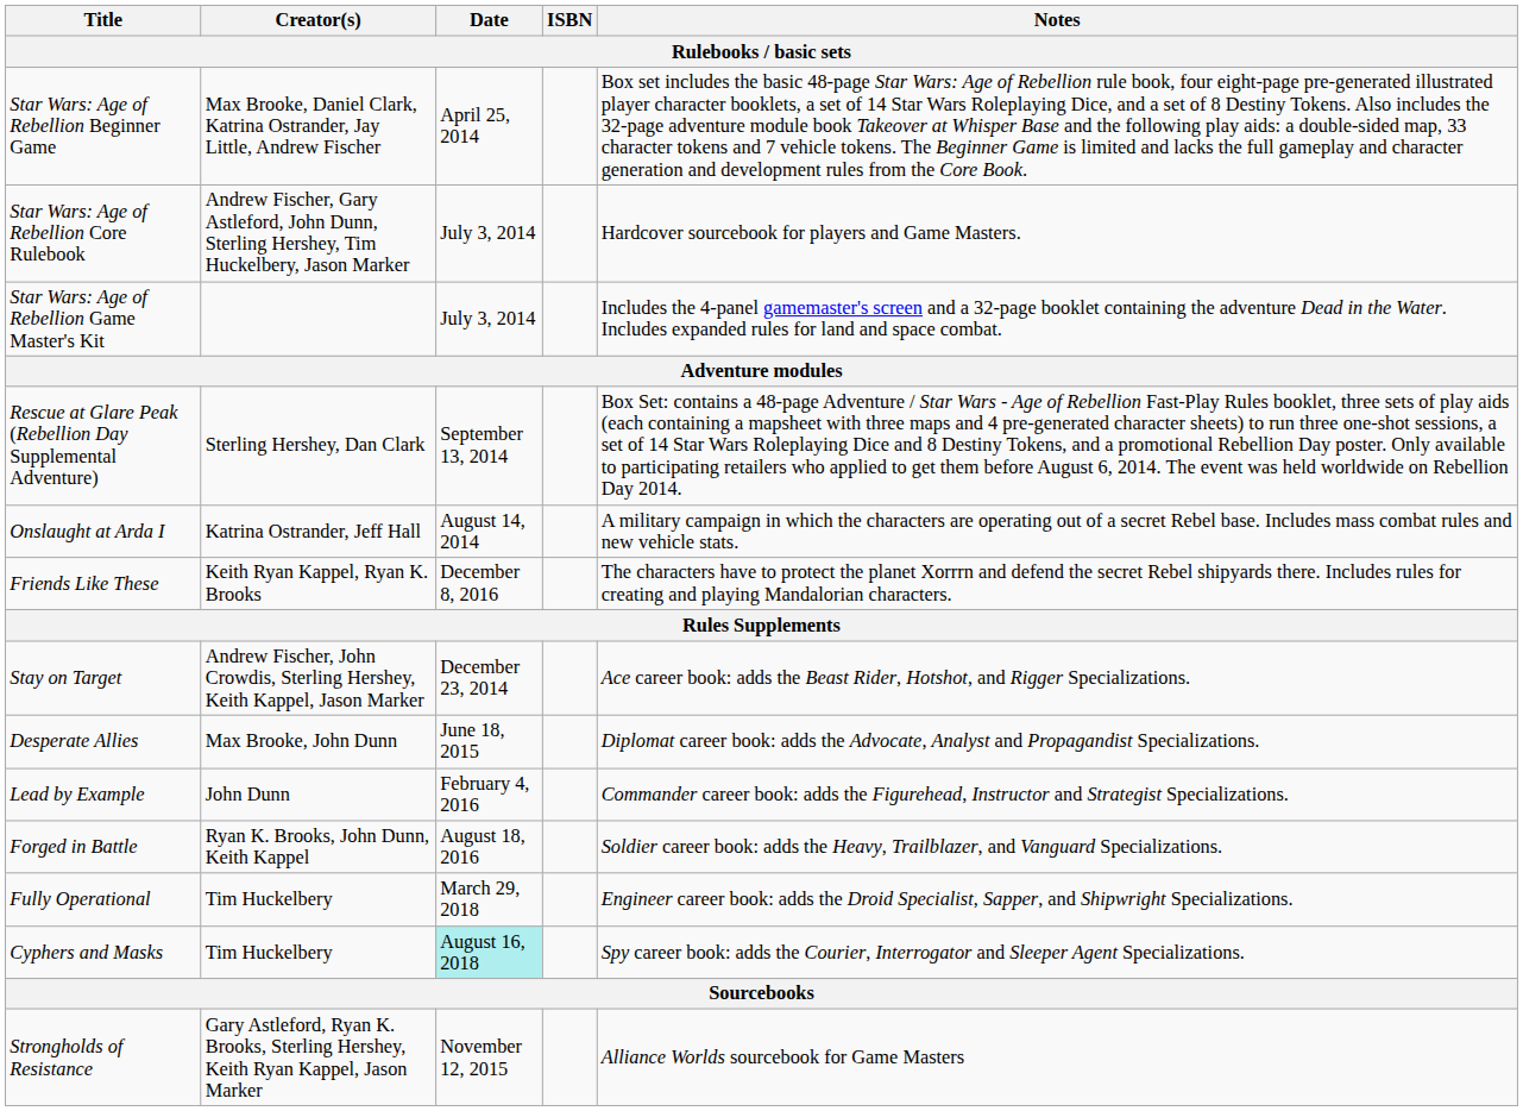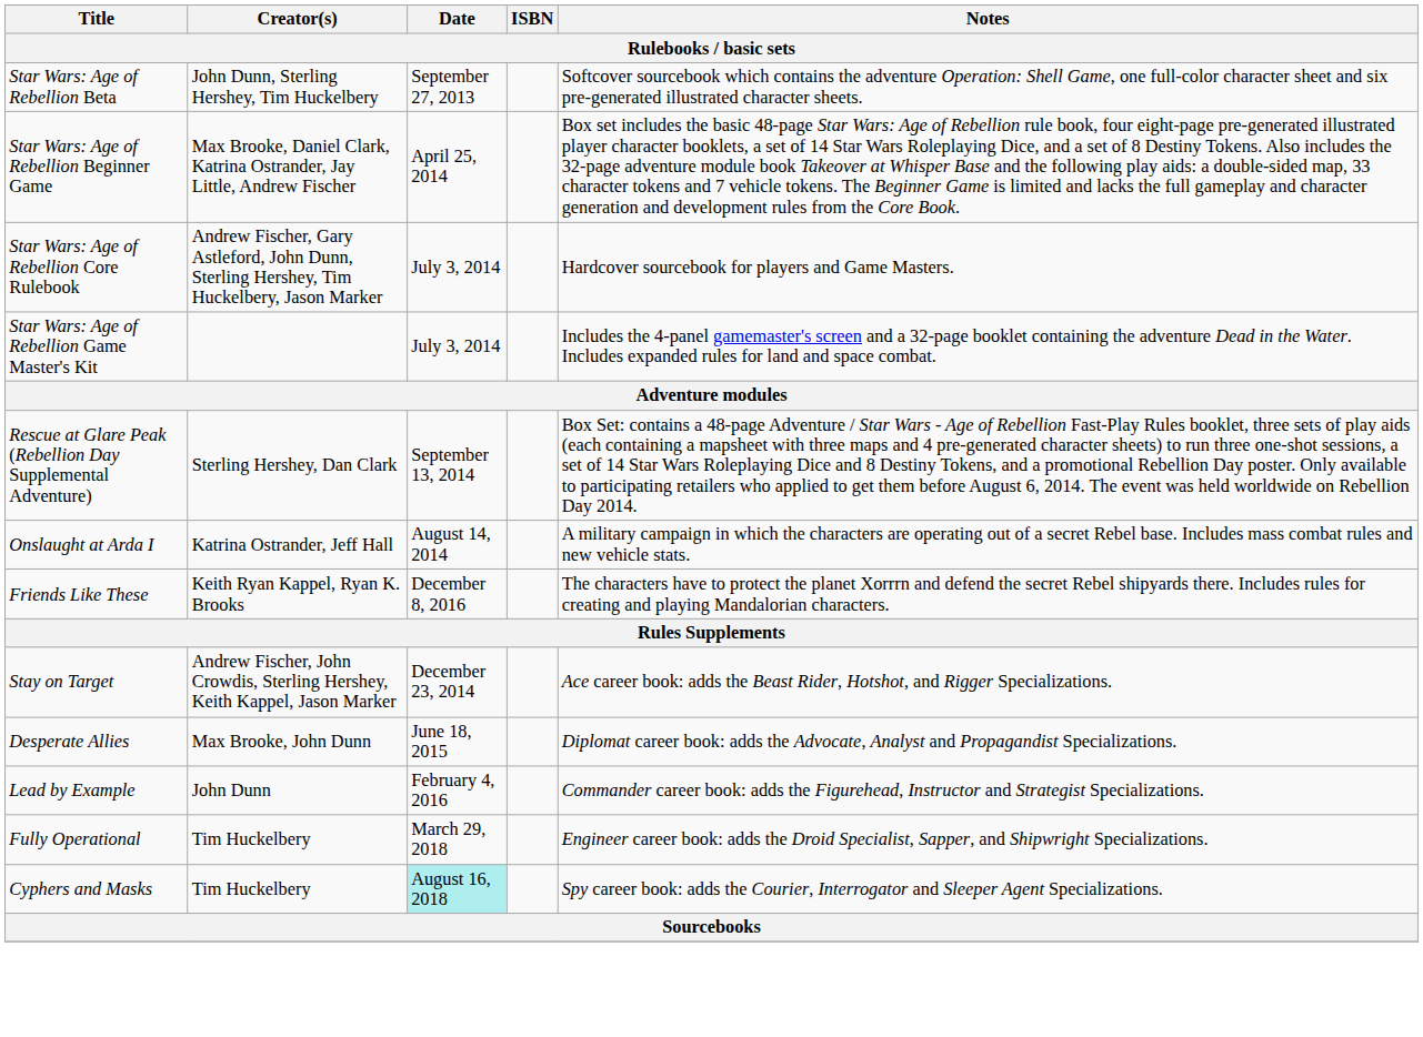 <table class="wikitable sortable" style="margins:auto">
 <tr>
 <th>Title</th>
 <th>Creator(s)</th>
 <th>Date</th>
 <th>ISBN</th>
 <th>Notes</th>
 </tr>
 <tr>
 <th colspan="5">Rulebooks / basic sets</th>
+</tr>
+<tr>
+<td><em>Star Wars: Age of Rebellion</em> Beta</td>
+<td>John Dunn, Sterling Hershey, Tim Huckelbery</td>
+<td>September 27, 2013</td>
+<td></td>
+<td>Softcover sourcebook which contains the adventure <em>Operation: Shell Game</em>, one full-color character sheet and six pre-generated illustrated character sheets.</td>
 </tr>
 <tr>
 <td><em>Star Wars: Age of Rebellion</em> Beginner Game</td>
 <td>Max Brooke, Daniel Clark, Katrina Ostrander, Jay Little, Andrew Fischer</td>
 <td>April 25, 2014</td>
 <td></td>
 <td>Box set includes the basic 48-page <em>Star Wars: Age of Rebellion</em> rule book, four eight-page pre-generated illustrated player character booklets, a set of 14 Star Wars Roleplaying Dice, and a set of 8 Destiny Tokens. Also includes the 32-page adventure module book <em>Takeover at Whisper Base</em> and the following play aids: a double-sided map, 33 character tokens and 7 vehicle tokens. The <em>Beginner Game</em> is limited and lacks the full gameplay and character generation and development rules from the <em>Core Book</em>.</td>
 </tr>
 <tr>
 <td><em>Star Wars: Age of Rebellion</em> Core Rulebook</td>
 <td>Andrew Fischer, Gary Astleford, John Dunn, Sterling Hershey, Tim Huckelbery, Jason Marker</td>
 <td>July 3, 2014</td>
 <td></td>
 <td>Hardcover sourcebook for players and Game Masters.</td>
 </tr>
 <tr>
 <td><em>Star Wars: Age of Rebellion</em> Game Master's Kit</td>
 <td></td>
 <td>July 3, 2014</td>
 <td></td>
 <td>Includes the 4-panel <a href='#'>gamemaster's screen</a> and a 32-page booklet containing the adventure <em>Dead in the Water</em>. Includes expanded rules for land and space combat.</td>
 </tr>
 <tr>
 <th colspan="5">Adventure modules</th>
 </tr>
 <tr>
 <td><em>Rescue at Glare Peak</em> (<em>Rebellion Day</em> Supplemental Adventure)</td>
 <td>Sterling Hershey, Dan Clark</td>
 <td>September 13, 2014</td>
 <td></td>
 <td>Box Set: contains a 48-page Adventure / <em>Star Wars - Age of Rebellion</em> Fast-Play Rules booklet, three sets of play aids (each containing a mapsheet with three maps and 4 pre-generated character sheets) to run three one-shot sessions, a set of 14 Star Wars Roleplaying Dice and 8 Destiny Tokens, and a promotional Rebellion Day poster. Only available to participating retailers who applied to get them before August 6, 2014. The event was held worldwide on Rebellion Day 2014.</td>
 </tr>
 <tr>
 <td><em>Onslaught at Arda I</em></td>
 <td>Katrina Ostrander, Jeff Hall</td>
 <td>August 14, 2014</td>
 <td></td>
 <td>A military campaign in which the characters are operating out of a secret Rebel base. Includes mass combat rules and new vehicle stats.</td>
 </tr>
 <tr>
 <td><em>Friends Like These</em></td>
 <td>Keith Ryan Kappel, Ryan K. Brooks</td>
 <td>December 8, 2016</td>
 <td></td>
 <td>The characters have to protect the planet Xorrrn and defend the secret Rebel shipyards there. Includes rules for creating and playing Mandalorian characters.</td>
 </tr>
 <tr>
 <th colspan="5">Rules Supplements</th>
 </tr>
 <tr>
 <td><em>Stay on Target</em></td>
 <td>Andrew Fischer, John Crowdis, Sterling Hershey, Keith Kappel, Jason Marker</td>
 <td>December 23, 2014</td>
 <td></td>
 <td><em>Ace</em> career book: adds the <em>Beast Rider</em>, <em>Hotshot</em>, and <em>Rigger</em> Specializations.</td>
 </tr>
 <tr>
 <td><em>Desperate Allies</em></td>
 <td>Max Brooke, John Dunn</td>
 <td>June 18, 2015</td>
 <td></td>
 <td><em>Diplomat</em> career book: adds the <em>Advocate</em>, <em>Analyst</em> and <em>Propagandist</em> Specializations.</td>
 </tr>
 <tr>
 <td><em>Lead by Example</em></td>
 <td>John Dunn</td>
 <td>February 4, 2016</td>
 <td></td>
 <td><em>Commander</em> career book: adds the <em>Figurehead</em>, <em>Instructor</em> and <em>Strategist</em> Specializations.</td>
 </tr>
 <tr>
-<td><em>Forged in Battle</em></td>
-<td>Ryan K. Brooks, John Dunn, Keith Kappel</td>
-<td>August 18, 2016</td>
-<td></td>
-<td><em>Soldier</em> career book: adds the <em>Heavy</em>, <em>Trailblazer</em>, and <em>Vanguard</em> Specializations.</td>
-</tr>
-<tr>
 <td><em>Fully Operational</em></td>
 <td>Tim Huckelbery</td>
 <td>March 29, 2018</td>
 <td></td>
 <td><em>Engineer</em> career book: adds the <em>Droid Specialist</em>, <em>Sapper</em>, and <em>Shipwright</em> Specializations.</td>
 </tr>
 <tr>
 <td><em>Cyphers and Masks</em></td>
 <td>Tim Huckelbery</td>
 <td style="background: paleturquoise;">August 16, 2018</td>
 <td></td>
 <td><em>Spy</em> career book: adds the <em>Courier</em>, <em>Interrogator</em> and <em>Sleeper Agent</em> Specializations.</td>
 </tr>
 <tr>
 <th colspan="5">Sourcebooks</th>
 </tr>
 <tr>
-<td><em>Strongholds of Resistance</em></td>
-<td>Gary Astleford, Ryan K. Brooks, Sterling Hershey, Keith Ryan Kappel, Jason Marker</td>
-<td>November 12, 2015</td>
-<td></td>
-<td><em>Alliance Worlds</em> sourcebook for Game Masters</td>
-</tr>
-<tr>
 </tr>
 </table>
